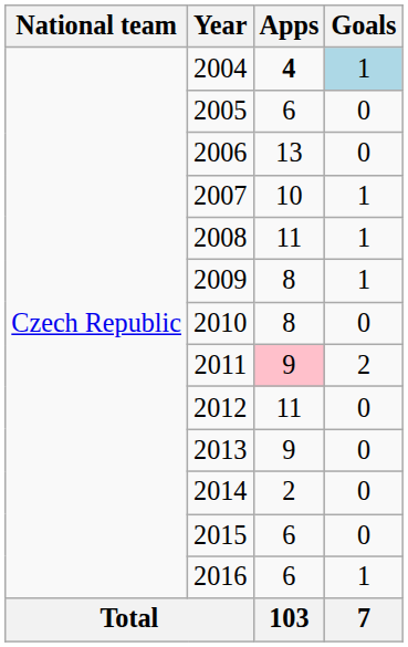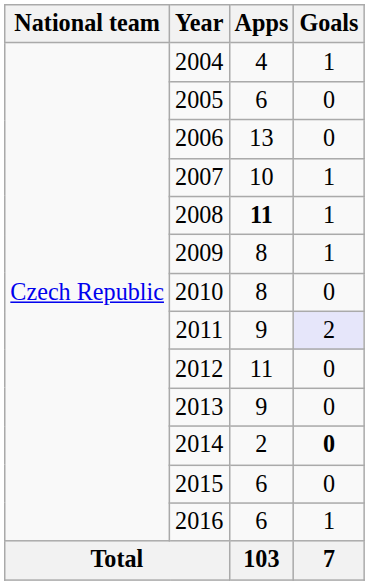 <table class="wikitable" style="text-align:center">
 <tr>
 <th>National team</th>
 <th>Year</th>
 <th>Apps</th>
 <th>Goals</th>
 </tr>
 <tr>
 <td rowspan="13"><a href='#'>Czech Republic</a></td>
 <td>2004</td>
-<td><strong>4</strong></td>
-<td style="background: lightblue;">1</td>
+<td>4</td>
+<td>1</td>
 </tr>
 <tr>
 <td>2005</td>
 <td>6</td>
 <td>0</td>
 </tr>
 <tr>
 <td>2006</td>
 <td>13</td>
 <td>0</td>
 </tr>
 <tr>
 <td>2007</td>
 <td>10</td>
 <td>1</td>
 </tr>
 <tr>
 <td>2008</td>
-<td>11</td>
+<td><strong>11</strong></td>
 <td>1</td>
 </tr>
 <tr>
 <td>2009</td>
 <td>8</td>
 <td>1</td>
 </tr>
 <tr>
 <td>2010</td>
 <td>8</td>
 <td>0</td>
 </tr>
 <tr>
 <td>2011</td>
-<td style="background: pink;">9</td>
-<td>2</td>
+<td>9</td>
+<td style="background: lavender;">2</td>
 </tr>
 <tr>
 <td>2012</td>
 <td>11</td>
 <td>0</td>
 </tr>
 <tr>
 <td>2013</td>
 <td>9</td>
 <td>0</td>
 </tr>
 <tr>
 <td>2014</td>
 <td>2</td>
-<td>0</td>
+<td><strong>0</strong></td>
 </tr>
 <tr>
 <td>2015</td>
 <td>6</td>
 <td>0</td>
 </tr>
 <tr>
 <td>2016</td>
 <td>6</td>
 <td>1</td>
 </tr>
 <tr>
 <th colspan="2">Total</th>
 <th>103</th>
 <th>7</th>
 </tr>
 </table>
